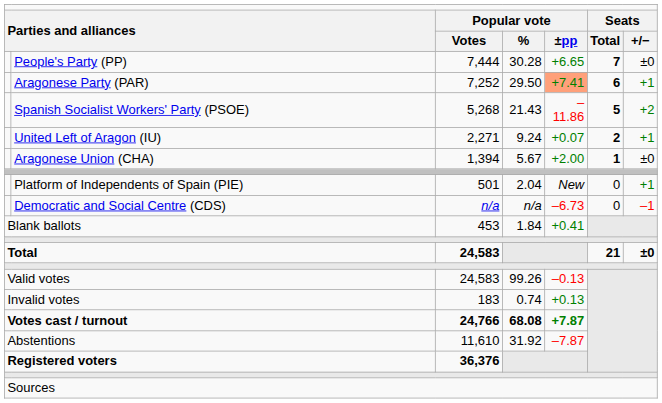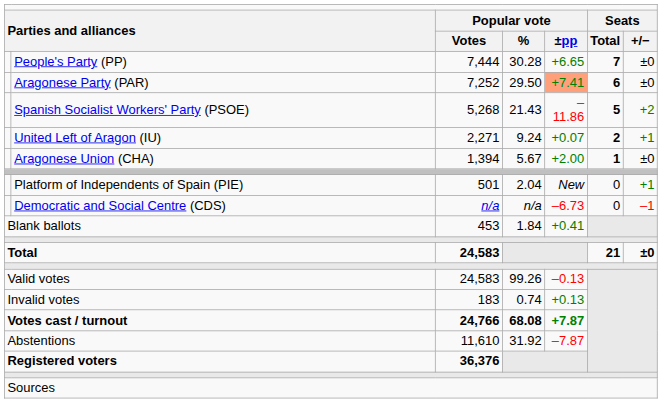 <table class="wikitable" style="text-align:right;">
 <tr>
 <td colspan="7"></td>
 </tr>
 <tr>
 <th style="text-align:left;" rowspan="2" colspan="2" width="525">Parties and alliances</th>
 <th colspan="3">Popular vote</th>
 <th colspan="2">Seats</th>
 </tr>
 <tr>
 <th width="75">Votes</th>
 <th width="45">%</th>
 <th width="45">±<a href='#'>pp</a></th>
 <th width="35">Total</th>
 <th width="35">+/−</th>
 </tr>
 <tr>
 <td width="1" style="color:inherit;background:"></td>
 <td align="left"><a href='#'>People's Party</a> (PP)</td>
 <td>7,444</td>
 <td>30.28</td>
 <td style="color:green;">+6.65</td>
 <td><strong>7</strong></td>
 <td>±0</td>
 </tr>
 <tr>
 <td style="color:inherit;background:"></td>
 <td align="left"><a href='#'>Aragonese Party</a> (PAR)</td>
 <td>7,252</td>
 <td>29.50</td>
 <td style="background: lightsalmon; color:green;">+7.41</td>
 <td><strong>6</strong></td>
-<td style="color:green;">+1</td>
+<td>±0</td>
 </tr>
 <tr>
 <td style="color:inherit;background:"></td>
 <td align="left"><a href='#'>Spanish Socialist Workers' Party</a> (PSOE)</td>
 <td>5,268</td>
 <td>21.43</td>
 <td style="color:red;">–11.86</td>
 <td><strong>5</strong></td>
 <td style="color:green;">+2</td>
 </tr>
 <tr>
 <td style="color:inherit;background:"></td>
 <td align="left"><a href='#'>United Left of Aragon</a> (IU)</td>
 <td>2,271</td>
 <td>9.24</td>
 <td style="color:green;">+0.07</td>
 <td><strong>2</strong></td>
 <td style="color:green;">+1</td>
 </tr>
 <tr>
 <td style="color:inherit;background:"></td>
 <td align="left"><a href='#'>Aragonese Union</a> (CHA)</td>
 <td>1,394</td>
 <td>5.67</td>
 <td style="color:green;">+2.00</td>
 <td><strong>1</strong></td>
 <td>±0</td>
 </tr>
 <tr>
 <td colspan="7" bgcolor="#C0C0C0"></td>
 </tr>
 <tr>
 <td style="color:inherit;background:"></td>
 <td align="left">Platform of Independents of Spain (PIE)</td>
 <td>501</td>
 <td>2.04</td>
 <td><em>New</em></td>
 <td>0</td>
 <td style="color:green;">+1</td>
 </tr>
 <tr>
 <td style="color:inherit;background:"></td>
 <td align="left"><a href='#'>Democratic and Social Centre</a> (CDS)</td>
 <td><em><a href='#'>n/a</a></em></td>
 <td><em>n/a</em></td>
 <td style="color:red;">–6.73</td>
 <td>0</td>
 <td style="color:red;">–1</td>
 </tr>
 <tr>
 <td align="left" colspan="2">Blank ballots</td>
 <td>453</td>
 <td>1.84</td>
 <td style="color:green;">+0.41</td>
 <td bgcolor="#E9E9E9" colspan="2"></td>
 </tr>
 <tr>
 <td colspan="7" bgcolor="#E9E9E9"></td>
 </tr>
 <tr style="font-weight:bold;">
 <td align="left" colspan="2">Total</td>
 <td>24,583</td>
 <td bgcolor="#E9E9E9" colspan="2"></td>
 <td>21</td>
 <td>±0</td>
 </tr>
 <tr>
 <td colspan="7" bgcolor="#E9E9E9"></td>
 </tr>
 <tr>
 <td align="left" colspan="2">Valid votes</td>
 <td>24,583</td>
 <td>99.26</td>
 <td style="color:red;">–0.13</td>
 <td bgcolor="#E9E9E9" colspan="2" rowspan="5"></td>
 </tr>
 <tr>
 <td align="left" colspan="2">Invalid votes</td>
 <td>183</td>
 <td>0.74</td>
 <td style="color:green;">+0.13</td>
 </tr>
 <tr style="font-weight:bold;">
 <td align="left" colspan="2">Votes cast / turnout</td>
 <td>24,766</td>
 <td>68.08</td>
 <td style="color:green;">+7.87</td>
 </tr>
 <tr>
 <td align="left" colspan="2">Abstentions</td>
 <td>11,610</td>
 <td>31.92</td>
 <td style="color:red;">–7.87</td>
 </tr>
 <tr style="font-weight:bold;">
 <td align="left" colspan="2">Registered voters</td>
 <td>36,376</td>
 <td bgcolor="#E9E9E9" colspan="2"></td>
 </tr>
 <tr>
 <td colspan="7" bgcolor="#E9E9E9"></td>
 </tr>
 <tr>
 <td align="left" colspan="7">Sources</td>
 </tr>
 </table>
